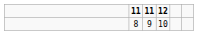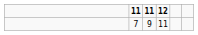 <table class="wikitable">
 <tr>
 <td style="width:15em"></td>
 <td align=center style="width:1em"><strong>11</strong></td>
 <td align=center style="width:1em"><strong>11</strong></td>
 <td align=center style="width:1em"><strong>12</strong></td>
 <td align=center style="width:1em"></td>
 <td align=center style="width:1em"></td>
 </tr>
 <tr>
 <td style="width:15em"></td>
-<td align=center style="width:1em">8</td>
+<td align=center style="width:1em">7</td>
 <td align=center style="width:1em">9</td>
-<td align=center style="width:1em">10</td>
+<td align=center style="width:1em">11</td>
 <td align=center style="width:1em"></td>
 <td align=center style="width:1em"></td>
 </tr>
 </table>
